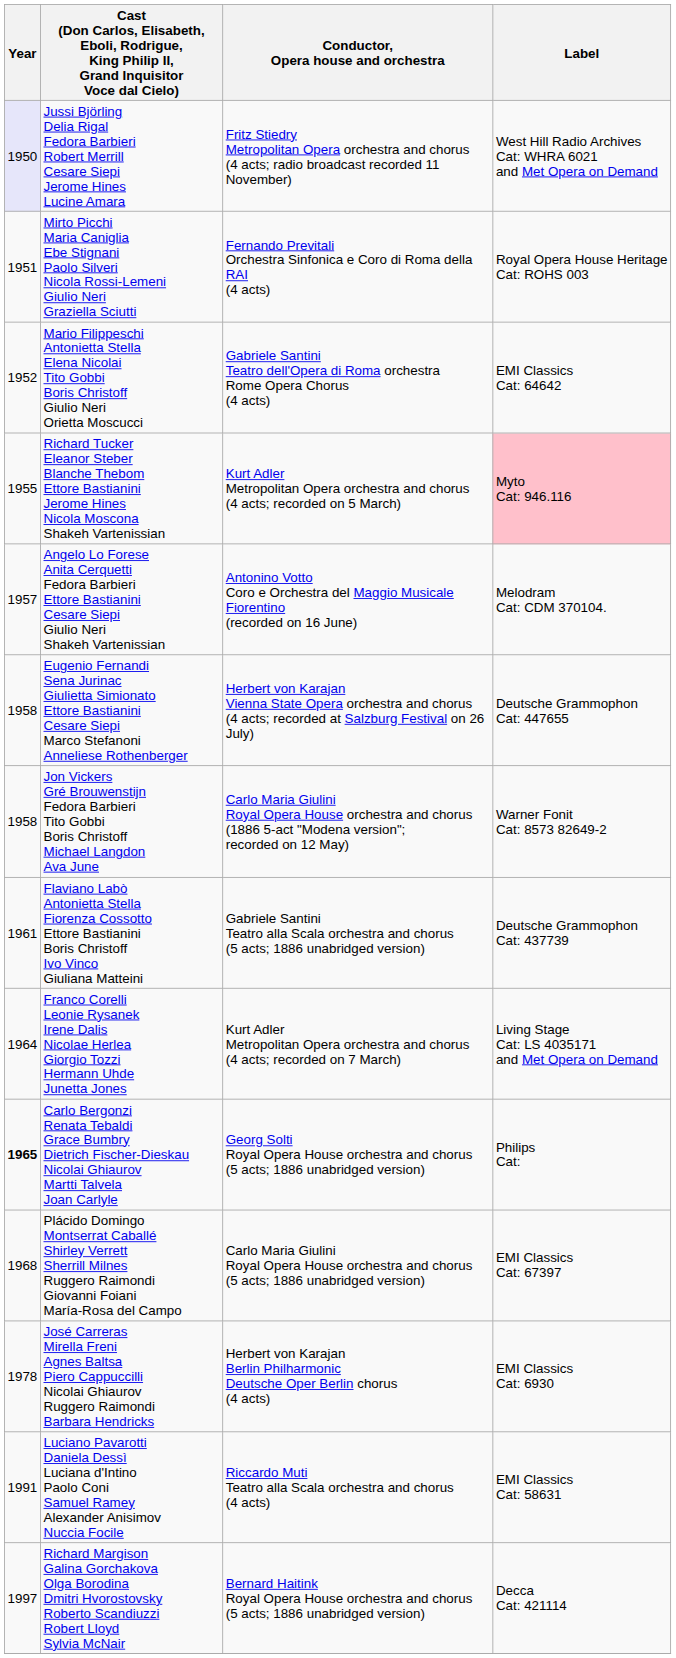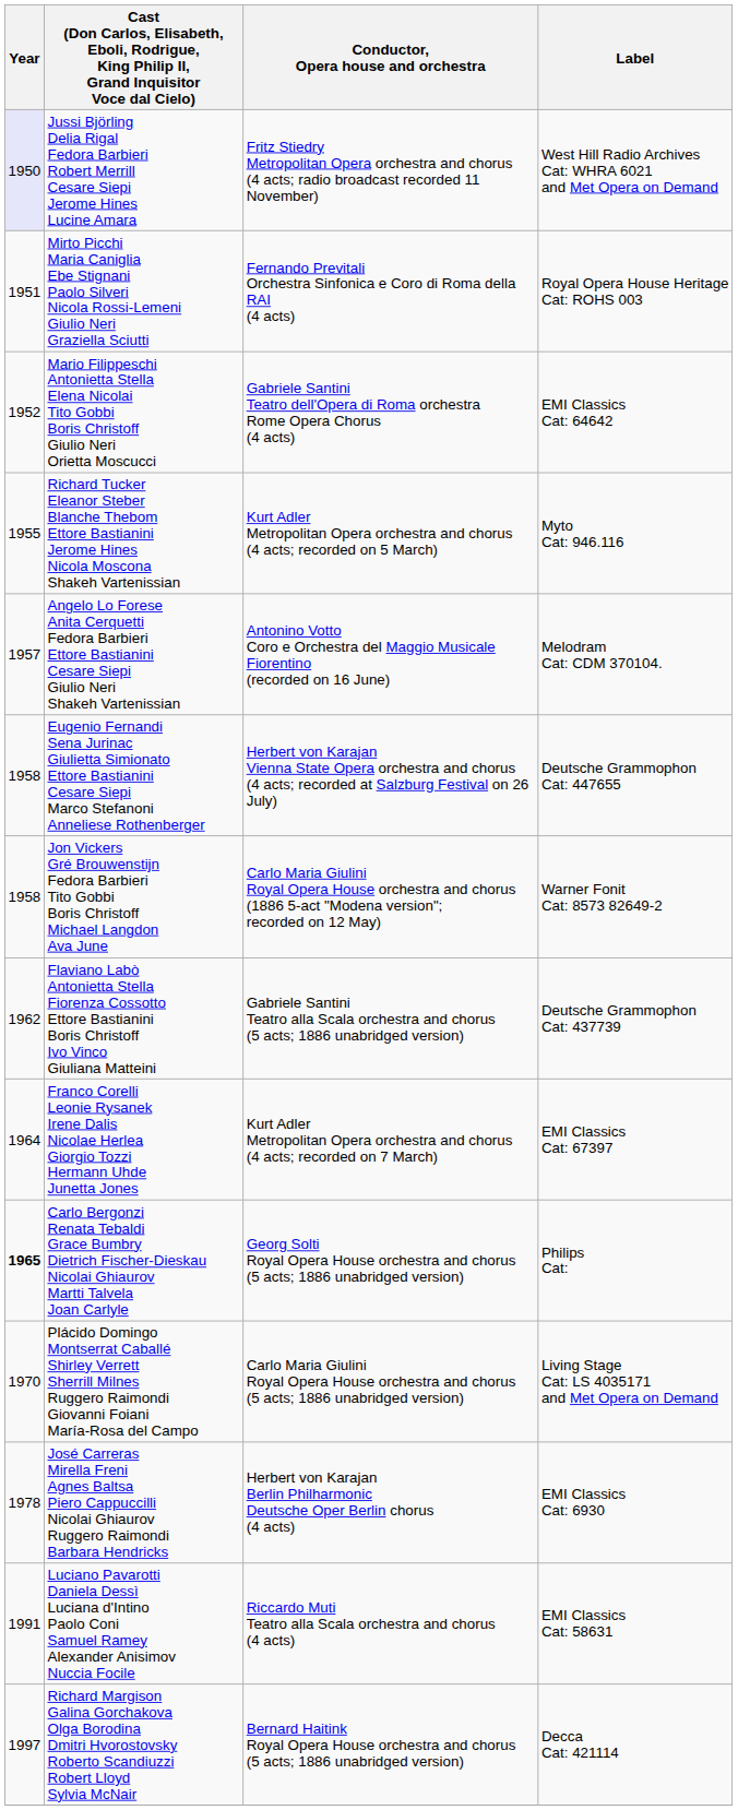 <table class="wikitable" style="font-size:95%;">
 <tr>
 <th>Year</th>
 <th Width="200">Cast<br>(Don Carlos, Elisabeth,<br>Eboli, Rodrigue,<br>King Philip II,<br>Grand Inquisitor<br>Voce dal Cielo)</th>
 <th Width="300">Conductor,<br>Opera house and orchestra</th>
 <th>Label</th>
 </tr>
 <tr>
 <td style="background: lavender;">1950</td>
 <td><a href='#'>Jussi Björling</a><br><a href='#'>Delia Rigal</a><br><a href='#'>Fedora Barbieri</a><br><a href='#'>Robert Merrill</a><br><a href='#'>Cesare Siepi</a><br><a href='#'>Jerome Hines</a><br><a href='#'>Lucine Amara</a></td>
 <td><a href='#'>Fritz Stiedry</a><br><a href='#'>Metropolitan Opera</a> orchestra and chorus<br>(4 acts; radio broadcast recorded 11 November)</td>
 <td>West Hill Radio Archives<br>Cat: WHRA 6021<br>and <a href='#'>Met Opera on Demand</a></td>
 </tr>
 <tr>
 <td>1951</td>
 <td><a href='#'>Mirto Picchi</a><br><a href='#'>Maria Caniglia</a><br><a href='#'>Ebe Stignani</a><br><a href='#'>Paolo Silveri</a><br><a href='#'>Nicola Rossi-Lemeni</a><br><a href='#'>Giulio Neri</a><br><a href='#'>Graziella Sciutti</a></td>
 <td><a href='#'>Fernando Previtali</a><br>Orchestra Sinfonica e Coro di Roma della <a href='#'>RAI</a><br>(4 acts)</td>
 <td>Royal Opera House Heritage<br>Cat: ROHS 003</td>
 </tr>
 <tr>
 <td>1952</td>
 <td><a href='#'>Mario Filippeschi</a><br><a href='#'>Antonietta Stella</a><br><a href='#'>Elena Nicolai</a><br><a href='#'>Tito Gobbi</a><br><a href='#'>Boris Christoff</a><br>Giulio Neri<br>Orietta Moscucci</td>
 <td><a href='#'>Gabriele Santini</a><br><a href='#'>Teatro dell'Opera di Roma</a> orchestra<br>Rome Opera Chorus<br>(4 acts)</td>
 <td>EMI Classics<br>Cat: 64642</td>
 </tr>
 <tr>
 <td>1955</td>
 <td><a href='#'>Richard Tucker</a><br><a href='#'>Eleanor Steber</a><br><a href='#'>Blanche Thebom</a><br><a href='#'>Ettore Bastianini</a><br><a href='#'>Jerome Hines</a><br><a href='#'>Nicola Moscona</a><br>Shakeh Vartenissian</td>
 <td><a href='#'>Kurt Adler</a><br>Metropolitan Opera orchestra and chorus<br>(4 acts; recorded on 5 March) </td>
-<td style="background: pink;">Myto<br>Cat: 946.116</td>
+<td>Myto<br>Cat: 946.116</td>
 </tr>
 <tr>
 <td>1957</td>
 <td><a href='#'>Angelo Lo Forese</a><br><a href='#'>Anita Cerquetti</a><br>Fedora Barbieri<br><a href='#'>Ettore Bastianini</a><br><a href='#'>Cesare Siepi</a><br>Giulio Neri<br>Shakeh Vartenissian</td>
 <td><a href='#'>Antonino Votto</a><br>Coro e Orchestra del <a href='#'>Maggio Musicale Fiorentino</a><br>(recorded on 16 June)</td>
 <td>Melodram<br>Cat: CDM 370104.</td>
 </tr>
 <tr>
 <td>1958</td>
 <td><a href='#'>Eugenio Fernandi</a><br><a href='#'>Sena Jurinac</a><br><a href='#'>Giulietta Simionato</a><br><a href='#'>Ettore Bastianini</a><br><a href='#'>Cesare Siepi</a><br>Marco Stefanoni<br><a href='#'>Anneliese Rothenberger</a></td>
 <td><a href='#'>Herbert von Karajan</a><br><a href='#'>Vienna State Opera</a> orchestra and chorus<br>(4 acts; recorded at <a href='#'>Salzburg Festival</a> on 26 July)</td>
 <td>Deutsche Grammophon<br>Cat: 447655</td>
 </tr>
 <tr>
 <td>1958</td>
 <td><a href='#'>Jon Vickers</a><br><a href='#'>Gré Brouwenstijn</a><br>Fedora Barbieri<br>Tito Gobbi<br>Boris Christoff<br><a href='#'>Michael Langdon</a><br><a href='#'>Ava June</a></td>
 <td><a href='#'>Carlo Maria Giulini</a><br><a href='#'>Royal Opera House</a> orchestra and chorus<br>(1886 5-act "Modena version";<br>recorded on 12 May)</td>
 <td>Warner Fonit<br>Cat: 8573 82649-2</td>
 </tr>
 <tr>
-<td>1961</td>
+<td>1962</td>
 <td><a href='#'>Flaviano Labò</a><br><a href='#'>Antonietta Stella</a><br><a href='#'>Fiorenza Cossotto</a><br>Ettore Bastianini<br>Boris Christoff<br><a href='#'>Ivo Vinco</a><br>Giuliana Matteini</td>
 <td>Gabriele Santini<br>Teatro alla Scala orchestra and chorus<br>(5 acts; 1886 unabridged version)</td>
 <td>Deutsche Grammophon<br>Cat: 437739</td>
 </tr>
 <tr>
 <td>1964</td>
 <td><a href='#'>Franco Corelli</a><br><a href='#'>Leonie Rysanek</a><br><a href='#'>Irene Dalis</a><br><a href='#'>Nicolae Herlea</a><br><a href='#'>Giorgio Tozzi</a><br><a href='#'>Hermann Uhde</a><br><a href='#'>Junetta Jones</a></td>
 <td>Kurt Adler<br>Metropolitan Opera orchestra and chorus<br>(4 acts; recorded on 7 March)</td>
-<td>Living Stage<br>Cat: LS 4035171<br>and <a href='#'>Met Opera on Demand</a></td>
+<td>EMI Classics<br>Cat: 67397</td>
 </tr>
 <tr>
 <td><strong>1965</strong></td>
 <td><a href='#'>Carlo Bergonzi</a><br><a href='#'>Renata Tebaldi</a><br><a href='#'>Grace Bumbry</a><br><a href='#'>Dietrich Fischer-Dieskau</a><br><a href='#'>Nicolai Ghiaurov</a><br><a href='#'>Martti Talvela</a><br><a href='#'>Joan Carlyle</a></td>
 <td><a href='#'>Georg Solti</a><br>Royal Opera House orchestra and chorus<br>(5 acts; 1886 unabridged version)</td>
 <td>Philips<br>Cat:</td>
 </tr>
 <tr>
-<td>1968</td>
+<td>1970</td>
 <td>Plácido Domingo<br><a href='#'>Montserrat Caballé</a><br><a href='#'>Shirley Verrett</a><br><a href='#'>Sherrill Milnes</a><br>Ruggero Raimondi<br>Giovanni Foiani<br>María-Rosa del Campo</td>
 <td>Carlo Maria Giulini<br>Royal Opera House orchestra and chorus<br>(5 acts; 1886 unabridged version)</td>
-<td>EMI Classics<br>Cat: 67397</td>
+<td>Living Stage<br>Cat: LS 4035171<br>and <a href='#'>Met Opera on Demand</a></td>
 </tr>
 <tr>
 <td>1978</td>
 <td><a href='#'>José Carreras</a><br><a href='#'>Mirella Freni</a><br><a href='#'>Agnes Baltsa</a><br><a href='#'>Piero Cappuccilli</a><br>Nicolai Ghiaurov<br>Ruggero Raimondi<br><a href='#'>Barbara Hendricks</a></td>
 <td>Herbert von Karajan<br><a href='#'>Berlin Philharmonic</a><br> <a href='#'>Deutsche Oper Berlin</a> chorus<br>(4 acts)</td>
 <td>EMI Classics<br>Cat: 6930</td>
 </tr>
 <tr>
 <td>1991</td>
 <td><a href='#'>Luciano Pavarotti</a><br><a href='#'>Daniela Dessì</a><br>Luciana d'Intino<br>Paolo Coni<br><a href='#'>Samuel Ramey</a><br>Alexander Anisimov<br><a href='#'>Nuccia Focile</a></td>
 <td><a href='#'>Riccardo Muti</a><br>Teatro alla Scala orchestra and chorus<br>(4 acts)</td>
 <td>EMI Classics<br>Cat: 58631</td>
 </tr>
 <tr>
 <td>1997</td>
 <td><a href='#'>Richard Margison</a><br><a href='#'>Galina Gorchakova</a><br><a href='#'>Olga Borodina</a><br><a href='#'>Dmitri Hvorostovsky</a><br><a href='#'>Roberto Scandiuzzi</a><br><a href='#'>Robert Lloyd</a><br><a href='#'>Sylvia McNair</a></td>
 <td><a href='#'>Bernard Haitink</a><br>Royal Opera House orchestra and chorus<br>(5 acts; 1886 unabridged version)</td>
 <td>Decca<br>Cat: 421114</td>
 </tr>
 <tr>
 </tr>
 </table>
